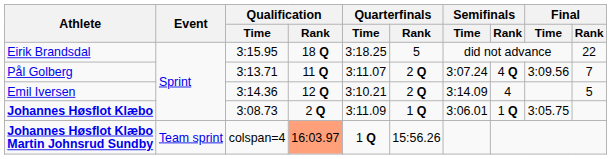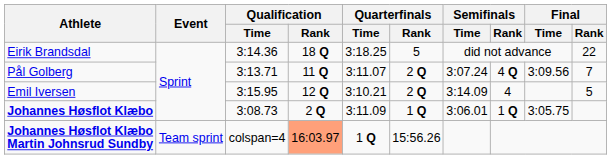 <table class="wikitable" style="font-size:90%">
 <tr>
 <th rowspan=2>Athlete</th>
 <th rowspan=2>Event</th>
 <th colspan=2>Qualification</th>
 <th colspan=2>Quarterfinals</th>
 <th colspan=2>Semifinals</th>
 <th colspan=2>Final</th>
 </tr>
 <tr style="font-size:95%">
 <th>Time</th>
 <th>Rank</th>
 <th>Time</th>
 <th>Rank</th>
 <th>Time</th>
 <th>Rank</th>
 <th>Time</th>
 <th>Rank</th>
 </tr>
 <tr align=center>
 <td align=left><a href='#'>Eirik Brandsdal</a></td>
 <td align=left rowspan=4><a href='#'>Sprint</a></td>
-<td>3:15.95</td>
+<td>3:14.36</td>
 <td>18 <strong>Q</strong></td>
 <td>3:18.25</td>
 <td>5</td>
 <td colspan=3>did not advance</td>
 <td>22</td>
 </tr>
 <tr align=center>
 <td align=left><a href='#'>Pål Golberg</a></td>
 <td>3:13.71</td>
 <td>11 <strong>Q</strong></td>
 <td>3:11.07</td>
 <td>2 <strong>Q</strong></td>
 <td>3:07.24</td>
 <td>4 <strong>Q</strong></td>
 <td>3:09.56</td>
 <td>7</td>
 </tr>
 <tr align=center>
 <td align=left><a href='#'>Emil Iversen</a></td>
-<td>3:14.36</td>
+<td>3:15.95</td>
 <td>12 <strong>Q</strong></td>
 <td>3:10.21</td>
 <td>2 <strong>Q</strong></td>
 <td>3:14.09</td>
 <td>4</td>
 <td></td>
 <td>5</td>
 </tr>
 <tr align=center>
 <td align=left><strong><a href='#'>Johannes Høsflot Klæbo</a></strong></td>
 <td>3:08.73</td>
 <td>2 <strong>Q</strong></td>
 <td>3:11.09</td>
 <td>1 <strong>Q</strong></td>
 <td>3:06.01</td>
 <td>1 <strong>Q</strong></td>
 <td>3:05.75</td>
 <td></td>
 </tr>
 <tr align=center>
 <td align=left><strong><a href='#'>Johannes Høsflot Klæbo</a> <br> <a href='#'>Martin Johnsrud Sundby</a></strong></td>
 <td align=left><a href='#'>Team sprint</a></td>
 <td>colspan=4 </td>
 <td style="background: lightsalmon;">16:03.97</td>
 <td>1 <strong>Q</strong></td>
 <td>15:56.26</td>
 <td></td>
 </tr>
 </table>
